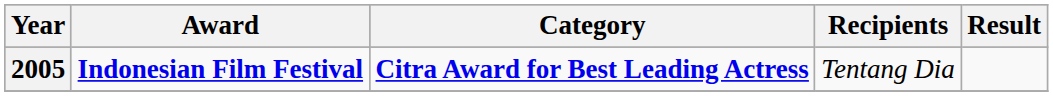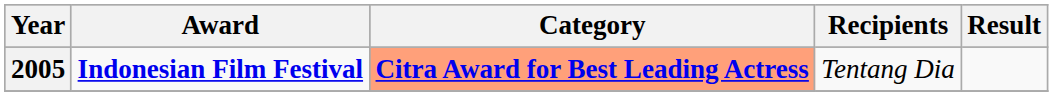 <table class="wikitable sortable">
 <tr>
 <th>Year</th>
 <th>Award</th>
 <th>Category</th>
 <th>Recipients</th>
 <th>Result</th>
 </tr>
 <tr>
 <th>2005</th>
 <td><strong><a href='#'>Indonesian Film Festival</a></strong></td>
-<td><strong><a href='#'>Citra Award for Best Leading Actress</a></strong></td>
+<td style="background: lightsalmon;"><strong><a href='#'>Citra Award for Best Leading Actress</a></strong></td>
 <td><em>Tentang Dia</em></td>
 <td></td>
 </tr>
 <tr>
 </tr>
 </table>
